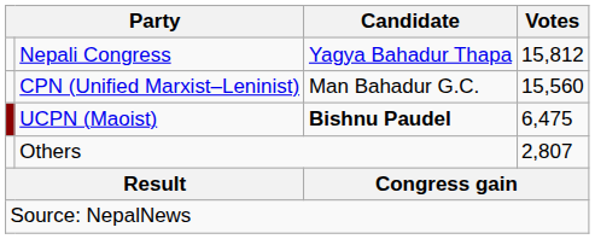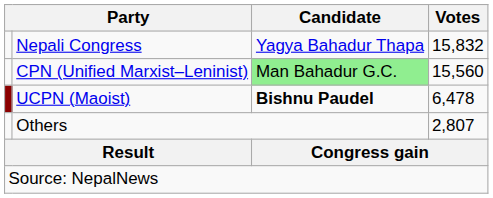 <table class="wikitable">
 <tr>
 <th colspan="2">Party</th>
 <th>Candidate</th>
 <th>Votes</th>
 </tr>
 <tr>
 <td style="background-color:"></td>
 <td><a href='#'>Nepali Congress</a></td>
 <td><a href='#'>Yagya Bahadur Thapa</a></td>
-<td>15,812</td>
+<td>15,832</td>
 </tr>
 <tr>
 <td style="background-color:"></td>
 <td><a href='#'>CPN (Unified Marxist–Leninist)</a></td>
-<td>Man Bahadur G.C.</td>
+<td style="background: lightgreen;">Man Bahadur G.C.</td>
 <td>15,560</td>
 </tr>
 <tr>
 <td style="background-color:darkred"></td>
 <td><a href='#'>UCPN (Maoist)</a></td>
 <td><strong>Bishnu Paudel</strong></td>
-<td>6,475</td>
+<td>6,478</td>
 </tr>
 <tr>
 <td></td>
 <td colspan="2">Others</td>
 <td>2,807</td>
 </tr>
 <tr>
 <th colspan="2">Result</th>
 <th colspan="2">Congress gain</th>
 </tr>
 <tr>
 <td colspan="4">Source: NepalNews</td>
 </tr>
 </table>
